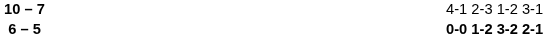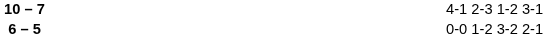 <table width=100% cellspacing=1>
 <tr>
 <th width=20%></th>
 <th width=12%></th>
 <th width=20%></th>
 <th width=33%></th>
 <td></td>
 </tr>
 <tr style=font-size:90%>
 <td align=right><strong></strong></td>
 <td align=center><strong>10 – 7</strong></td>
 <td></td>
 <td>4-1 2-3 1-2 3-1</td>
 <td></td>
 </tr>
 <tr style=font-size:90%>
 <td align=right><strong></strong></td>
 <td align=center><strong>6 – 5</strong></td>
 <td></td>
-<td><strong>0-0 1-2 3-2 2-1</strong></td>
+<td>0-0 1-2 3-2 2-1</td>
 </tr>
 </table>
